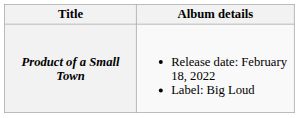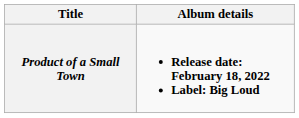 <table class="wikitable plainrowheaders">
 <tr>
 <th style="width:10em;">Title</th>
 <th style="width:12em;">Album details</th>
 </tr>
 <tr>
 <th scope="row"><em>Product of a Small Town</em></th>
-<td><br><ul><li>Release date: February 18, 2022</li><li>Label: Big Loud</li></ul></td>
+<td><strong><br><ul><li>Release date: February 18, 2022</li><li>Label: Big Loud</li></ul></strong></td>
 </tr>
 </table>
